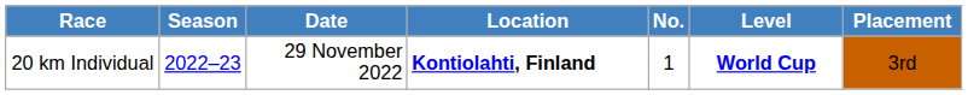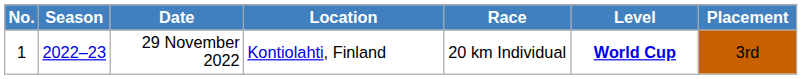 <table class="wikitable sortable" style="font-size:85%; text-align:center; border:grey solid 1px; border-collapse:collapse; background:#ffffff;">
 <tr style="background:#efefef;">
-<th style="background-color:#4180be; color:white; width:100px;">Race</th>
+<th style="background-color:#4180be; color:white;">No.</th>
 <th style="background-color:#4180be; color:white;">Season</th>
 <th style="background-color:#4180be; color:white; width:105px;">Date</th>
 <th style="background-color:#4180be; color:white; width:160px;">Location</th>
-<th style="background-color:#4180be; color:white;">No.</th>
+<th style="background-color:#4180be; color:white; width:100px;">Race</th>
 <th style="background-color:#4180be; color:white; width:100px;">Level</th>
 <th style="background-color:#4180be; color:white; width:75px;">Placement</th>
 </tr>
 <tr>
-<td>20 km Individual</td>
+<td>1</td>
 <td><a href='#'>2022–23</a></td>
 <td align=right>29 November 2022</td>
-<td align=left><strong> <a href='#'>Kontiolahti</a>, Finland</strong></td>
-<td>1</td>
+<td align=left> <a href='#'>Kontiolahti</a>, Finland</td>
+<td>20 km Individual</td>
 <td><strong><a href='#'>World Cup</a></strong></td>
 <td align=center bgcolor=#c96;>3rd</td>
 </tr>
 </table>
